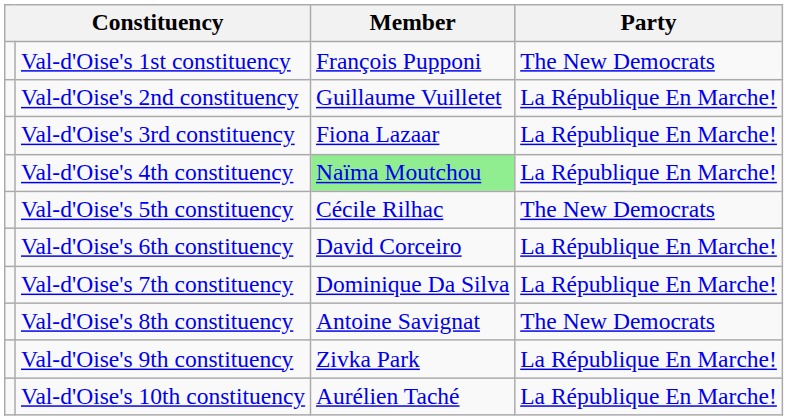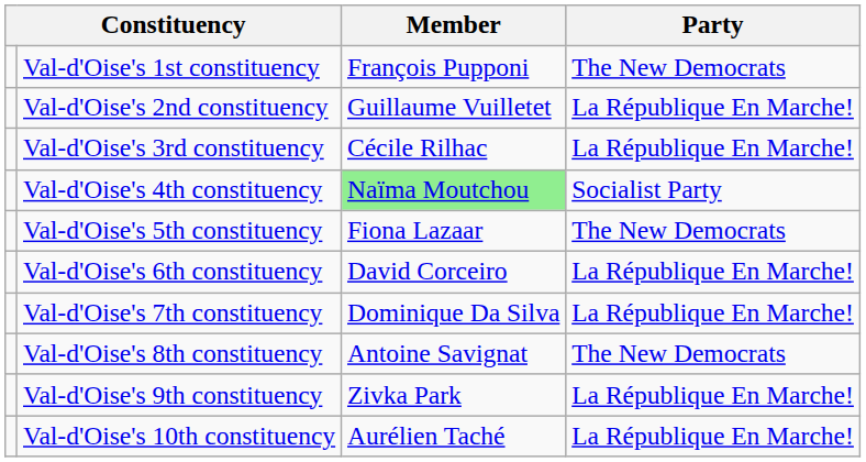 <table class="wikitable">
 <tr>
 <th colspan="2">Constituency</th>
 <th>Member</th>
 <th>Party</th>
 </tr>
 <tr>
 <td style="background-color: "></td>
 <td><a href='#'>Val-d'Oise's 1st constituency</a></td>
 <td><a href='#'>François Pupponi</a></td>
 <td><a href='#'>The New Democrats</a></td>
 </tr>
 <tr>
 <td style="background-color: "></td>
 <td><a href='#'>Val-d'Oise's 2nd constituency</a></td>
 <td><a href='#'>Guillaume Vuilletet</a></td>
 <td><a href='#'>La République En Marche!</a></td>
 </tr>
 <tr>
 <td style="background-color: "></td>
 <td><a href='#'>Val-d'Oise's 3rd constituency</a></td>
-<td><a href='#'>Fiona Lazaar</a></td>
+<td><a href='#'>Cécile Rilhac</a></td>
 <td><a href='#'>La République En Marche!</a></td>
 </tr>
 <tr>
 <td style="background-color: "></td>
 <td><a href='#'>Val-d'Oise's 4th constituency</a></td>
 <td style="background: lightgreen;"><a href='#'>Naïma Moutchou</a></td>
-<td><a href='#'>La République En Marche!</a></td>
+<td><a href='#'>Socialist Party</a></td>
 </tr>
 <tr>
 <td style="background-color: "></td>
 <td><a href='#'>Val-d'Oise's 5th constituency</a></td>
-<td><a href='#'>Cécile Rilhac</a></td>
+<td><a href='#'>Fiona Lazaar</a></td>
 <td><a href='#'>The New Democrats</a></td>
 </tr>
 <tr>
 <td style="background-color: "></td>
 <td><a href='#'>Val-d'Oise's 6th constituency</a></td>
 <td><a href='#'>David Corceiro</a></td>
 <td><a href='#'>La République En Marche!</a></td>
 </tr>
 <tr>
 <td style="background-color: "></td>
 <td><a href='#'>Val-d'Oise's 7th constituency</a></td>
 <td><a href='#'>Dominique Da Silva</a></td>
 <td><a href='#'>La République En Marche!</a></td>
 </tr>
 <tr>
 <td style="background-color: "></td>
 <td><a href='#'>Val-d'Oise's 8th constituency</a></td>
 <td><a href='#'>Antoine Savignat</a></td>
 <td><a href='#'>The New Democrats</a></td>
 </tr>
 <tr>
 <td style="background-color: "></td>
 <td><a href='#'>Val-d'Oise's 9th constituency</a></td>
 <td><a href='#'>Zivka Park</a></td>
 <td><a href='#'>La République En Marche!</a></td>
 </tr>
 <tr>
 <td style="background-color: "></td>
 <td><a href='#'>Val-d'Oise's 10th constituency</a></td>
 <td><a href='#'>Aurélien Taché</a></td>
 <td><a href='#'>La République En Marche!</a></td>
 </tr>
 </table>
